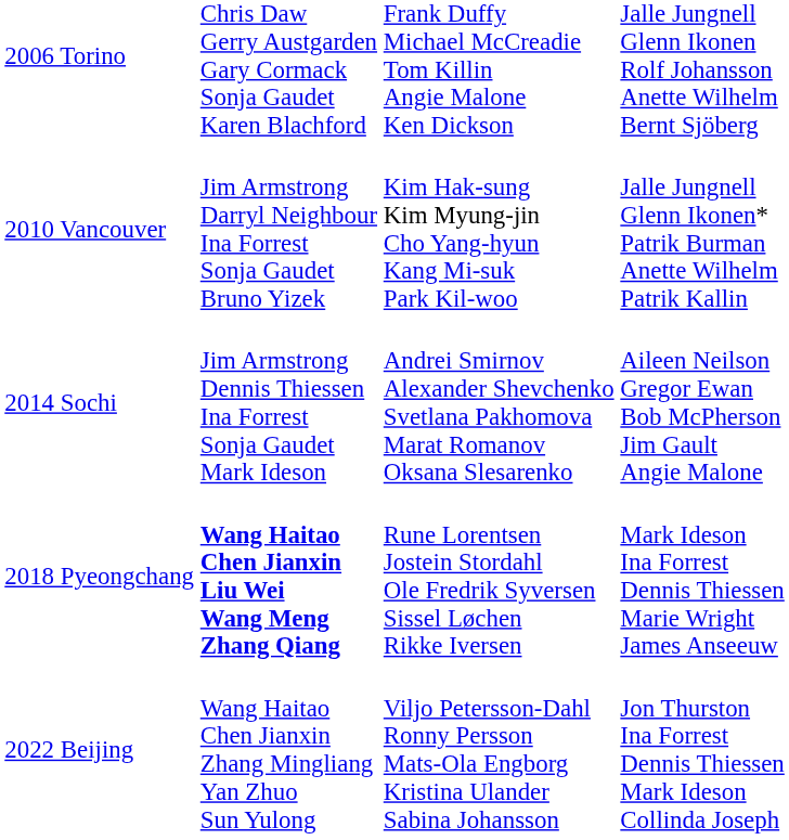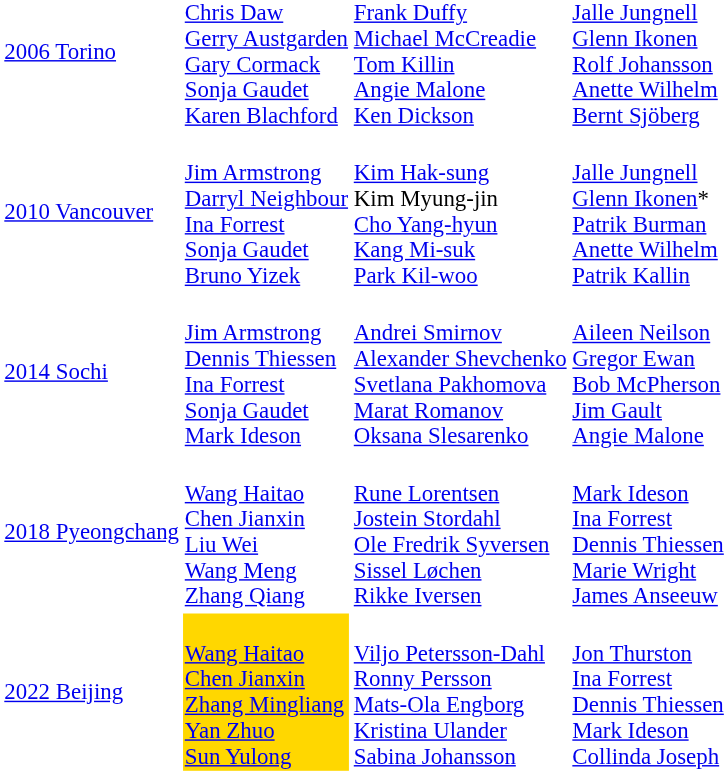 <table>
 <tr>
 <td><a href='#'>2006 Torino</a></td>
 <td><br><a href='#'>Chris Daw</a><br><a href='#'>Gerry Austgarden</a><br><a href='#'>Gary Cormack</a><br><a href='#'>Sonja Gaudet</a><br><a href='#'>Karen Blachford</a></td>
 <td><br><a href='#'>Frank Duffy</a><br><a href='#'>Michael McCreadie</a><br><a href='#'>Tom Killin</a><br><a href='#'>Angie Malone</a><br><a href='#'>Ken Dickson</a></td>
 <td><br><a href='#'>Jalle Jungnell</a><br><a href='#'>Glenn Ikonen</a><br><a href='#'>Rolf Johansson</a><br><a href='#'>Anette Wilhelm</a><br><a href='#'>Bernt Sjöberg</a></td>
 </tr>
 <tr>
 <td><a href='#'>2010 Vancouver</a></td>
 <td><br><a href='#'>Jim Armstrong</a><br><a href='#'>Darryl Neighbour</a><br><a href='#'>Ina Forrest</a><br><a href='#'>Sonja Gaudet</a><br><a href='#'>Bruno Yizek</a></td>
 <td><br><a href='#'>Kim Hak-sung</a><br>Kim Myung-jin<br><a href='#'>Cho Yang-hyun</a><br><a href='#'>Kang Mi-suk</a><br><a href='#'>Park Kil-woo</a></td>
 <td><br><a href='#'>Jalle Jungnell</a><br><a href='#'>Glenn Ikonen</a>*<br><a href='#'>Patrik Burman</a><br><a href='#'>Anette Wilhelm</a><br><a href='#'>Patrik Kallin</a></td>
 </tr>
 <tr>
 <td><a href='#'>2014 Sochi</a></td>
 <td><br><a href='#'>Jim Armstrong</a><br><a href='#'>Dennis Thiessen</a><br><a href='#'>Ina Forrest</a><br><a href='#'>Sonja Gaudet</a><br><a href='#'>Mark Ideson</a></td>
 <td><br><a href='#'>Andrei Smirnov</a><br><a href='#'>Alexander Shevchenko</a><br><a href='#'>Svetlana Pakhomova</a><br><a href='#'>Marat Romanov</a><br><a href='#'>Oksana Slesarenko</a></td>
 <td><br><a href='#'>Aileen Neilson</a><br><a href='#'>Gregor Ewan</a><br><a href='#'>Bob McPherson</a><br><a href='#'>Jim Gault</a><br><a href='#'>Angie Malone</a></td>
 </tr>
 <tr>
 <td><a href='#'>2018 Pyeongchang</a></td>
-<td><strong><br><a href='#'>Wang Haitao</a><br><a href='#'>Chen Jianxin</a><br><a href='#'>Liu Wei</a><br><a href='#'>Wang Meng</a><br><a href='#'>Zhang Qiang</a></strong></td>
+<td><br><a href='#'>Wang Haitao</a><br><a href='#'>Chen Jianxin</a><br><a href='#'>Liu Wei</a><br><a href='#'>Wang Meng</a><br><a href='#'>Zhang Qiang</a></td>
 <td><br><a href='#'>Rune Lorentsen</a><br><a href='#'>Jostein Stordahl</a><br><a href='#'>Ole Fredrik Syversen</a><br><a href='#'>Sissel Løchen</a><br><a href='#'>Rikke Iversen</a></td>
 <td><br><a href='#'>Mark Ideson</a><br><a href='#'>Ina Forrest</a><br><a href='#'>Dennis Thiessen</a><br><a href='#'>Marie Wright</a><br><a href='#'>James Anseeuw</a></td>
 </tr>
 <tr>
 <td><a href='#'>2022 Beijing</a></td>
-<td><br><a href='#'>Wang Haitao</a><br><a href='#'>Chen Jianxin</a><br><a href='#'>Zhang Mingliang</a><br><a href='#'>Yan Zhuo</a><br><a href='#'>Sun Yulong</a></td>
+<td style="background: gold;"><br><a href='#'>Wang Haitao</a><br><a href='#'>Chen Jianxin</a><br><a href='#'>Zhang Mingliang</a><br><a href='#'>Yan Zhuo</a><br><a href='#'>Sun Yulong</a></td>
 <td><br><a href='#'>Viljo Petersson-Dahl</a><br><a href='#'>Ronny Persson</a><br><a href='#'>Mats-Ola Engborg</a><br><a href='#'>Kristina Ulander</a><br><a href='#'>Sabina Johansson</a></td>
 <td><br><a href='#'>Jon Thurston</a><br><a href='#'>Ina Forrest</a><br><a href='#'>Dennis Thiessen</a><br><a href='#'>Mark Ideson</a><br><a href='#'>Collinda Joseph</a></td>
 </tr>
 </table>
